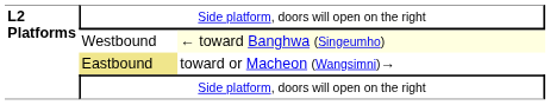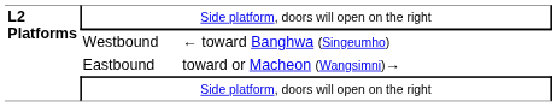 <table table border=0 cellspacing=0 cellpadding=3>
 <tr>
 <td style="border-top:solid 1px gray;border-bottom:solid 1px gray;" width=50 rowspan=10 valign=top><strong>L2<br>Platforms</strong></td>
 <td style="border-top:solid 1px gray;border-right:solid 2px black;border-left:solid 2px black;border-bottom:solid 2px black;text-align:center;" colspan=2><small><a href='#'>Side platform</a>, doors will open on the right</small></td>
 </tr>
 <tr>
 <td style="border-bottom:solid 0px gray;border-top:solid 1px gray;" width=100>Westbound</td>
-<td style="background: lightyellow; border-bottom:solid 0px gray;border-top:solid 1px gray;" width=390>←  toward <a href='#'>Banghwa</a> <small>(<a href='#'>Singeumho</a>)</small></td>
+<td style="border-bottom:solid 0px gray;border-top:solid 1px gray;" width=390>←  toward <a href='#'>Banghwa</a> <small>(<a href='#'>Singeumho</a>)</small></td>
 </tr>
 <tr>
-<td style="background: khaki;">Eastbound</td>
+<td>Eastbound</td>
 <td>  toward  or <a href='#'>Macheon</a> <small>(<a href='#'>Wangsimni</a>)</small>→</td>
 </tr>
 <tr>
 <td style="border-top:solid 2px black;border-right:solid 2px black;border-left:solid 2px black;border-bottom:solid 1px gray;text-align:center;" colspan=2><small><a href='#'>Side platform</a>, doors will open on the right</small></td>
 </tr>
 </table>
